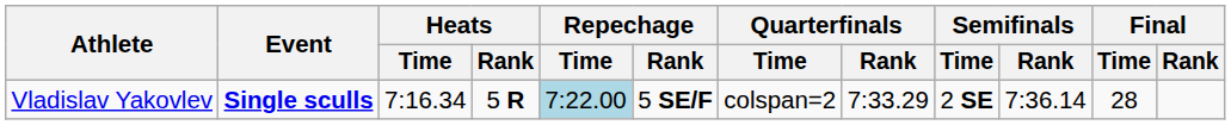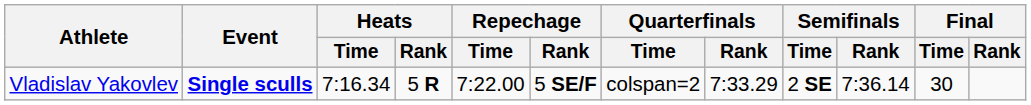 <table class="wikitable" style="font-size:90%">
 <tr>
 <th rowspan="2">Athlete</th>
 <th rowspan="2">Event</th>
 <th colspan="2">Heats</th>
 <th colspan="2">Repechage</th>
 <th colspan=2>Quarterfinals</th>
 <th colspan="2">Semifinals</th>
 <th colspan="2">Final</th>
 </tr>
 <tr style="font-size:95%">
 <th>Time</th>
 <th>Rank</th>
 <th>Time</th>
 <th>Rank</th>
 <th>Time</th>
 <th>Rank</th>
 <th>Time</th>
 <th>Rank</th>
 <th>Time</th>
 <th>Rank</th>
 </tr>
 <tr align=center>
 <td align=left><a href='#'>Vladislav Yakovlev</a></td>
 <td align=left><strong><a href='#'>Single sculls</a></strong></td>
 <td>7:16.34</td>
 <td>5 <strong>R</strong></td>
-<td style="background: lightblue;">7:22.00</td>
+<td>7:22.00</td>
 <td>5 <strong>SE/F</strong></td>
 <td>colspan=2 </td>
 <td>7:33.29</td>
 <td>2 <strong>SE</strong></td>
 <td>7:36.14</td>
-<td>28</td>
+<td>30</td>
 </tr>
 </table>
